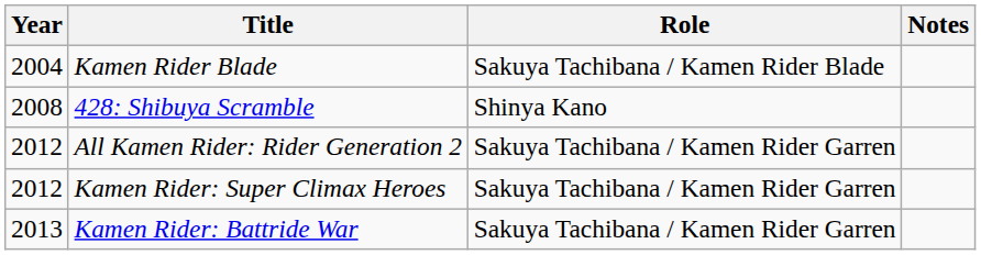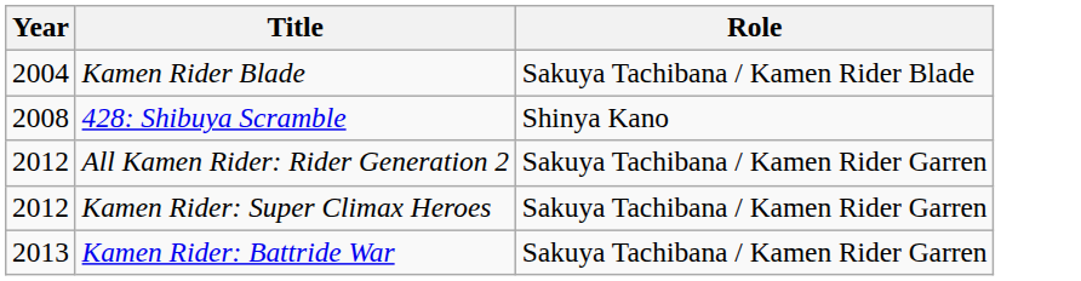 <table class="wikitable">
 <tr>
 <th>Year</th>
 <th>Title</th>
 <th>Role</th>
-<th>Notes</th>
 </tr>
 <tr>
 <td>2004</td>
 <td><em>Kamen Rider Blade</em></td>
 <td>Sakuya Tachibana / Kamen Rider Blade</td>
-<td></td>
 </tr>
 <tr>
 <td>2008</td>
 <td><em><a href='#'>428: Shibuya Scramble</a></em></td>
 <td>Shinya Kano</td>
-<td></td>
 </tr>
 <tr>
 <td>2012</td>
 <td><em>All Kamen Rider: Rider Generation 2</em></td>
 <td>Sakuya Tachibana / Kamen Rider Garren</td>
-<td></td>
 </tr>
 <tr>
 <td>2012</td>
 <td><em>Kamen Rider: Super Climax Heroes</em></td>
 <td>Sakuya Tachibana / Kamen Rider Garren</td>
-<td></td>
 </tr>
 <tr>
 <td>2013</td>
 <td><em><a href='#'>Kamen Rider: Battride War</a></em></td>
 <td>Sakuya Tachibana / Kamen Rider Garren</td>
-<td></td>
 </tr>
 </table>
